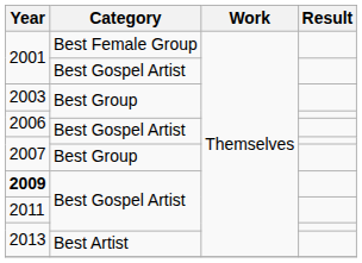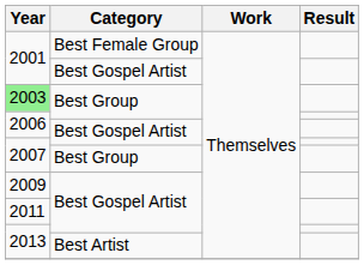 <table class="wikitable">
 <tr>
 <th>Year</th>
 <th>Category</th>
 <th>Work</th>
 <th>Result</th>
 </tr>
 <tr>
 <td rowspan="2">2001</td>
 <td>Best Female Group</td>
 <td rowspan="11">Themselves</td>
 <td></td>
 </tr>
 <tr>
 <td>Best Gospel Artist</td>
 <td></td>
 </tr>
 <tr>
-<td>2003</td>
+<td style="background: lightgreen;">2003</td>
 <td rowspan="2">Best Group</td>
 <td></td>
 </tr>
 <tr>
 <td rowspan="2">2006</td>
 <td></td>
 </tr>
 <tr>
 <td rowspan="2">Best Gospel Artist</td>
 <td></td>
 </tr>
 <tr>
 <td rowspan="2">2007</td>
 <td></td>
 </tr>
 <tr>
 <td>Best Group</td>
 <td></td>
 </tr>
 <tr>
-<td><strong>2009</strong></td>
+<td>2009</td>
 <td rowspan="3">Best Gospel Artist</td>
 <td></td>
 </tr>
 <tr>
 <td>2011</td>
 <td></td>
 </tr>
 <tr>
 <td rowspan="2">2013</td>
 <td></td>
 </tr>
 <tr>
 <td>Best Artist</td>
 <td></td>
 </tr>
 <tr>
 </tr>
 </table>
